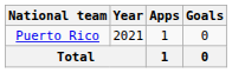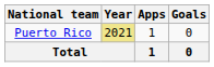 <table class="wikitable" style="text-align:center">
 <tr>
 <th>National team</th>
 <th>Year</th>
 <th>Apps</th>
 <th>Goals</th>
 </tr>
 <tr>
 <td rowspan=1><a href='#'>Puerto Rico</a></td>
-<td>2021</td>
+<td style="background: khaki;">2021</td>
 <td>1</td>
 <td>0</td>
 </tr>
 <tr>
 <th colspan=2>Total</th>
 <th>1</th>
 <th>0</th>
 </tr>
 </table>
